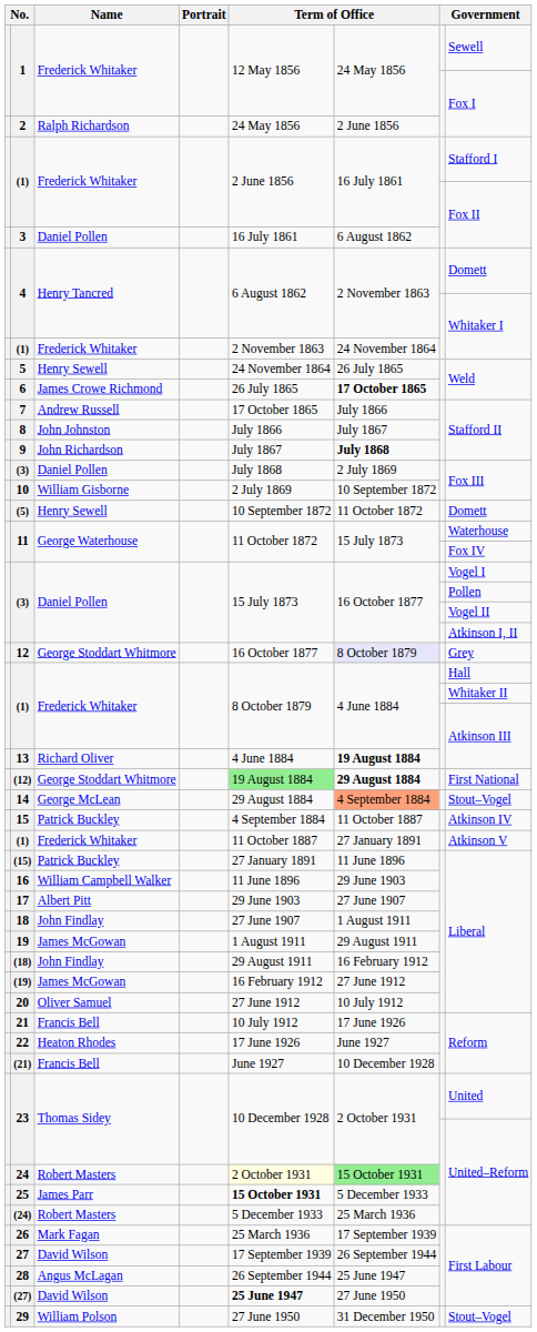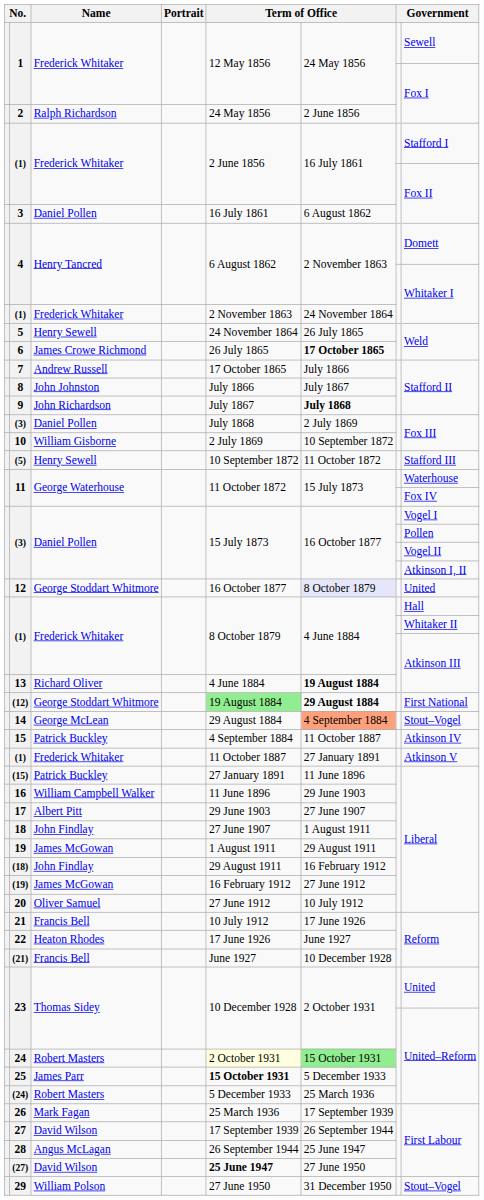 <table class="wikitable">
 <tr>
 <th colspan=2>No.</th>
 <th>Name</th>
 <th>Portrait</th>
 <th colspan=2>Term of Office</th>
 <th colspan=2>Government</th>
 </tr>
 <tr>
 <th height=50 style="border-bottom:solid 0 grey; background:"></th>
 <th rowspan=2>1</th>
 <td rowspan=2><a href='#'>Frederick Whitaker</a></td>
 <td rowspan=2></td>
 <td rowspan=2>12 May 1856</td>
 <td rowspan=2>24 May 1856</td>
 <td style="background:"></td>
 <td><a href='#'>Sewell</a></td>
 </tr>
 <tr>
 <th height=50 style="border-top:solid 0 grey; background:"></th>
 <td rowspan=2 style="border-bottom:solid 0 grey; background:"></td>
 <td rowspan=2><a href='#'>Fox I</a></td>
 </tr>
 <tr>
 <th style="background:"></th>
 <th>2</th>
 <td><a href='#'>Ralph Richardson</a></td>
 <td></td>
 <td>24 May 1856</td>
 <td>2 June 1856</td>
 </tr>
 <tr>
 <th height=50 style="border-bottom:solid 0 grey; background:"></th>
 <th rowspan=2><small>(1)</small></th>
 <td rowspan=2><a href='#'>Frederick Whitaker</a></td>
 <td rowspan=2></td>
 <td rowspan=2>2 June 1856</td>
 <td rowspan=2>16 July 1861</td>
 <td style="background:"></td>
 <td><a href='#'>Stafford I</a></td>
 </tr>
 <tr>
 <th height=50 style="border-top:solid 0 grey; background:"></th>
 <td rowspan=2 style="border-bottom:solid 0 grey; background:"></td>
 <td rowspan=2><a href='#'>Fox II</a></td>
 </tr>
 <tr>
 <th style="background:"></th>
 <th>3</th>
 <td><a href='#'>Daniel Pollen</a></td>
 <td></td>
 <td>16 July 1861</td>
 <td>6 August 1862</td>
 </tr>
 <tr>
 <th height=50 style="border-bottom:solid 0 grey; background:"></th>
 <th rowspan=2>4</th>
 <td rowspan=2><a href='#'>Henry Tancred</a></td>
 <td rowspan=2></td>
 <td rowspan=2>6 August 1862</td>
 <td rowspan=2>2 November 1863</td>
 <td style="background:"></td>
 <td><a href='#'>Domett</a></td>
 </tr>
 <tr>
 <th height=50 style="border-top:solid 0 grey; background:"></th>
 <td rowspan=2 style="border-bottom:solid 0 grey; background:"></td>
 <td rowspan=2><a href='#'>Whitaker I</a></td>
 </tr>
 <tr>
 <th style="background:"></th>
 <th><small>(1)</small></th>
 <td><a href='#'>Frederick Whitaker</a></td>
 <td></td>
 <td>2 November 1863</td>
 <td>24 November 1864</td>
 </tr>
 <tr>
 <th style="background:"></th>
 <th>5</th>
 <td><a href='#'>Henry Sewell</a></td>
 <td></td>
 <td>24 November 1864</td>
 <td>26 July 1865</td>
 <td rowspan=2 style="background:"></td>
 <td rowspan=2><a href='#'>Weld</a></td>
 </tr>
 <tr>
 <th style="background:"></th>
 <th>6</th>
 <td><a href='#'>James Crowe Richmond</a></td>
 <td></td>
 <td>26 July 1865</td>
 <td><strong>17 October 1865</strong></td>
 </tr>
 <tr>
 <th style="background:"></th>
 <th>7</th>
 <td><a href='#'>Andrew Russell</a></td>
 <td></td>
 <td>17 October 1865</td>
 <td>July 1866</td>
 <td rowspan=4 style="background:"></td>
 <td rowspan=4><a href='#'>Stafford II</a></td>
 </tr>
 <tr>
 <th style="background:"></th>
 <th>8</th>
 <td><a href='#'>John Johnston</a></td>
 <td></td>
 <td>July 1866</td>
 <td>July 1867</td>
 </tr>
 <tr>
 <th style="background:"></th>
 <th>9</th>
 <td><a href='#'>John Richardson</a></td>
 <td></td>
 <td>July 1867</td>
 <td><strong>July 1868</strong></td>
 </tr>
 <tr>
 <th rowspan=2 style="background:"></th>
 <th rowspan=2><small>(3)</small></th>
 <td rowspan=2><a href='#'>Daniel Pollen</a></td>
 <td rowspan=2></td>
 <td rowspan=2>July 1868</td>
 <td rowspan=2>2 July 1869</td>
 </tr>
 <tr>
 <td rowspan=2 style="background:"></td>
 <td rowspan=2><a href='#'>Fox III</a></td>
 </tr>
 <tr>
 <th style="background:"></th>
 <th>10</th>
 <td><a href='#'>William Gisborne</a></td>
 <td></td>
 <td>2 July 1869</td>
 <td>10 September 1872</td>
 </tr>
 <tr>
 <th style="background:"></th>
 <th><small>(5)</small></th>
 <td><a href='#'>Henry Sewell</a></td>
 <td></td>
 <td>10 September 1872</td>
 <td>11 October 1872</td>
 <td style="background:"></td>
-<td><a href='#'>Domett</a></td>
+<td><a href='#'>Stafford III</a></td>
 </tr>
 <tr>
 <th rowspan=3 style="background:"></th>
 <th rowspan=3>11</th>
 <td rowspan=3><a href='#'>George Waterhouse</a></td>
 <td rowspan=3></td>
 <td rowspan=3>11 October 1872</td>
 <td rowspan=3>15 July 1873</td>
 <td style="background:"></td>
 <td><a href='#'>Waterhouse</a></td>
 </tr>
 <tr>
 <td style="background:"></td>
 <td><a href='#'>Fox IV</a></td>
 </tr>
 <tr>
 <td rowspan=2 style="background:"></td>
 <td rowspan=2><a href='#'>Vogel I</a></td>
 </tr>
 <tr>
 <th rowspan=4 style="background:"></th>
 <th rowspan=4><small>(3)</small></th>
 <td rowspan=4><a href='#'>Daniel Pollen</a></td>
 <td rowspan=4></td>
 <td rowspan=4>15 July 1873</td>
 <td rowspan=4>16 October 1877</td>
 </tr>
 <tr>
 <td style="background:"></td>
 <td><a href='#'>Pollen</a></td>
 </tr>
 <tr>
 <td style="background:"></td>
 <td><a href='#'>Vogel II</a></td>
 </tr>
 <tr>
 <td style="background:"></td>
 <td><a href='#'>Atkinson I, II</a></td>
 </tr>
 <tr>
 <th style="background:"></th>
 <th>12</th>
 <td><a href='#'>George Stoddart Whitmore</a></td>
 <td></td>
 <td>16 October 1877</td>
 <td style="background: lavender;">8 October 1879</td>
 <td style="background:"></td>
-<td><a href='#'>Grey</a></td>
+<td><a href='#'>United</a></td>
 </tr>
 <tr>
 <th rowspan=2 style="border-bottom:solid 0 grey; background:"></th>
 <th rowspan=3><small>(1)</small></th>
 <td rowspan=3><a href='#'>Frederick Whitaker</a></td>
 <td rowspan=3></td>
 <td rowspan=3>8 October 1879</td>
 <td rowspan=3>4 June 1884</td>
 <td style="background:"></td>
 <td><a href='#'>Hall</a></td>
 </tr>
 <tr>
 <td style="background:"></td>
 <td><a href='#'>Whitaker II</a></td>
 </tr>
 <tr>
 <th height=50 style="border-top:solid 0 grey; background:"></th>
 <td rowspan=2 style="border-bottom:solid 0 grey; background:"></td>
 <td rowspan=2><a href='#'>Atkinson III</a></td>
 </tr>
 <tr>
 <th style="background:"></th>
 <th>13</th>
 <td><a href='#'>Richard Oliver</a></td>
 <td></td>
 <td>4 June 1884</td>
 <td><strong>19 August 1884</strong></td>
 </tr>
 <tr>
 <th style="background:"></th>
 <th><small>(12)</small></th>
 <td><a href='#'>George Stoddart Whitmore</a></td>
 <td></td>
 <td style="background: lightgreen;">19 August 1884</td>
 <td><strong>29 August 1884</strong></td>
 <td style="background:"></td>
 <td><a href='#'>First National</a></td>
 </tr>
 <tr>
 <th style="background:"></th>
 <th>14</th>
 <td><a href='#'>George McLean</a></td>
 <td></td>
 <td>29 August 1884</td>
 <td style="background: lightsalmon;">4 September 1884</td>
 <td style="background:"></td>
 <td><a href='#'>Stout–Vogel</a></td>
 </tr>
 <tr>
 <th style="background:"></th>
 <th>15</th>
 <td><a href='#'>Patrick Buckley</a></td>
 <td></td>
 <td>4 September 1884</td>
 <td>11 October 1887</td>
 <td style="background:"></td>
 <td><a href='#'>Atkinson IV</a></td>
 </tr>
 <tr>
 <th style="background:"></th>
 <th><small>(1)</small></th>
 <td><a href='#'>Frederick Whitaker</a></td>
 <td></td>
 <td>11 October 1887</td>
 <td>27 January 1891</td>
 <td style="background:"></td>
 <td><a href='#'>Atkinson V</a></td>
 </tr>
 <tr>
 <th style="background:"></th>
 <th><small>(15)</small></th>
 <td><a href='#'>Patrick Buckley</a></td>
 <td></td>
 <td>27 January 1891</td>
 <td>11 June 1896</td>
 <td rowspan=8 style="background:"></td>
 <td rowspan=8><a href='#'>Liberal</a></td>
 </tr>
 <tr>
 <th style="background:"></th>
 <th>16</th>
 <td><a href='#'>William Campbell Walker</a></td>
 <td></td>
 <td>11 June 1896</td>
 <td>29 June 1903</td>
 </tr>
 <tr>
 <th style="background:"></th>
 <th>17</th>
 <td><a href='#'>Albert Pitt</a></td>
 <td></td>
 <td>29 June 1903</td>
 <td>27 June 1907</td>
 </tr>
 <tr>
 <th style="background:"></th>
 <th>18</th>
 <td><a href='#'>John Findlay</a></td>
 <td></td>
 <td>27 June 1907</td>
 <td>1 August 1911</td>
 </tr>
 <tr>
 <th style="background:"></th>
 <th>19</th>
 <td><a href='#'>James McGowan</a></td>
 <td></td>
 <td>1 August 1911</td>
 <td>29 August 1911</td>
 </tr>
 <tr>
 <th style="background:"></th>
 <th><small>(18)</small></th>
 <td><a href='#'>John Findlay</a></td>
 <td></td>
 <td>29 August 1911</td>
 <td>16 February 1912</td>
 </tr>
 <tr>
 <th style="background:"></th>
 <th><small>(19)</small></th>
 <td><a href='#'>James McGowan</a></td>
 <td></td>
 <td>16 February 1912</td>
 <td>27 June 1912</td>
 </tr>
 <tr>
 <th style="background:"></th>
 <th>20</th>
 <td><a href='#'>Oliver Samuel</a></td>
 <td></td>
 <td>27 June 1912</td>
 <td>10 July 1912</td>
 </tr>
 <tr>
 <th style="background:"></th>
 <th>21</th>
 <td><a href='#'>Francis Bell</a></td>
 <td></td>
 <td>10 July 1912</td>
 <td>17 June 1926</td>
 <td rowspan=3 style="background:"></td>
 <td rowspan=3><a href='#'>Reform</a></td>
 </tr>
 <tr>
 <th style="background:"></th>
 <th>22</th>
 <td><a href='#'>Heaton Rhodes</a></td>
 <td></td>
 <td>17 June 1926</td>
 <td>June 1927</td>
 </tr>
 <tr>
 <th style="background:"></th>
 <th><small>(21)</small></th>
 <td><a href='#'>Francis Bell</a></td>
 <td></td>
 <td>June 1927</td>
 <td>10 December 1928</td>
 </tr>
 <tr>
 <th height=50 style="border-bottom:solid 0 grey; background:"></th>
 <th rowspan=2>23</th>
 <td rowspan=2><a href='#'>Thomas Sidey</a></td>
 <td rowspan=2></td>
 <td rowspan=2>10 December 1928</td>
 <td rowspan=2>2 October 1931</td>
 <td style="background:"></td>
 <td><a href='#'>United</a></td>
 </tr>
 <tr>
 <th height=50 style="border-top:solid 0 grey; background:"></th>
 <td rowspan=4 style="border-bottom:solid 0 grey; background:"></td>
 <td rowspan=4><a href='#'>United–Reform</a></td>
 </tr>
 <tr>
 <th style="background:"></th>
 <th>24</th>
 <td><a href='#'>Robert Masters</a></td>
 <td></td>
 <td style="background: lightyellow;">2 October 1931</td>
 <td style="background: lightgreen;">15 October 1931</td>
 </tr>
 <tr>
 <th style="background:"></th>
 <th>25</th>
 <td><a href='#'>James Parr</a></td>
 <td></td>
 <td><strong>15 October 1931</strong></td>
 <td>5 December 1933</td>
 </tr>
 <tr>
 <th style="background:"></th>
 <th><small>(24)</small></th>
 <td><a href='#'>Robert Masters</a></td>
 <td></td>
 <td>5 December 1933</td>
 <td>25 March 1936</td>
 </tr>
 <tr>
 <th style="background:"></th>
 <th>26</th>
 <td><a href='#'>Mark Fagan</a></td>
 <td></td>
 <td>25 March 1936</td>
 <td>17 September 1939</td>
 <td rowspan=4 style="background:"></td>
 <td rowspan=4><a href='#'>First Labour</a></td>
 </tr>
 <tr>
 <th style="background:"></th>
 <th>27</th>
 <td><a href='#'>David Wilson</a></td>
 <td></td>
 <td>17 September 1939</td>
 <td>26 September 1944</td>
 </tr>
 <tr>
 <th style="background:"></th>
 <th>28</th>
 <td><a href='#'>Angus McLagan</a></td>
 <td></td>
 <td>26 September 1944</td>
 <td>25 June 1947</td>
 </tr>
 <tr>
 <th style="background:"></th>
 <th><small>(27)</small></th>
 <td><a href='#'>David Wilson</a></td>
 <td></td>
 <td><strong>25 June 1947</strong></td>
 <td>27 June 1950</td>
 </tr>
 <tr>
 <th style="background:"></th>
 <th>29</th>
 <td><a href='#'>William Polson</a></td>
 <td></td>
 <td>27 June 1950</td>
 <td>31 December 1950</td>
 <td style="background:"></td>
 <td><a href='#'>Stout–Vogel</a></td>
 </tr>
 </table>
